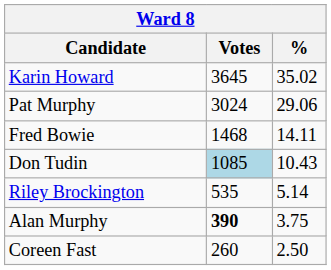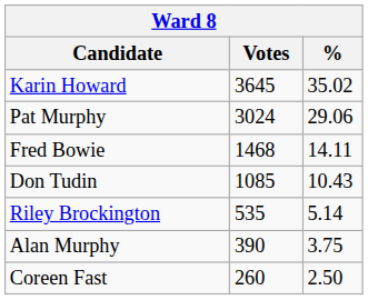 <table class="wikitable">
 <tr>
 <th colspan="3"><a href='#'>Ward 8</a></th>
 </tr>
 <tr>
 <th style="width: 170px">Candidate</th>
 <th style="width: 50px">Votes</th>
 <th style="width: 40px">%</th>
 </tr>
 <tr>
 <td><a href='#'>Karin Howard</a></td>
 <td>3645</td>
 <td>35.02</td>
 </tr>
 <tr>
 <td>Pat Murphy</td>
 <td>3024</td>
 <td>29.06</td>
 </tr>
 <tr>
 <td>Fred Bowie</td>
 <td>1468</td>
 <td>14.11</td>
 </tr>
 <tr>
 <td>Don Tudin</td>
-<td style="background: lightblue;">1085</td>
+<td>1085</td>
 <td>10.43</td>
 </tr>
 <tr>
 <td><a href='#'>Riley Brockington</a></td>
 <td>535</td>
 <td>5.14</td>
 </tr>
 <tr>
 <td>Alan Murphy</td>
-<td><strong>390</strong></td>
+<td>390</td>
 <td>3.75</td>
 </tr>
 <tr>
 <td>Coreen Fast</td>
 <td>260</td>
 <td>2.50</td>
 </tr>
 </table>
